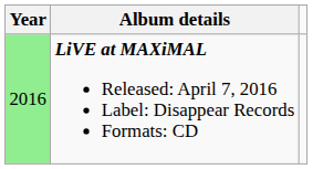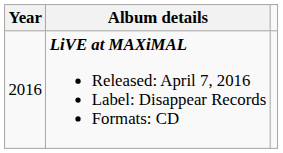 <table class="wikitable">
 <tr>
 <th rowspan="2">Year</th>
 <th rowspan="2">Album details</th>
 </tr>
 <tr>
 <td></td>
 </tr>
 <tr>
-<td style="background: lightgreen;">2016</td>
+<td>2016</td>
 <td align="left"><strong><em>LiVE at MAXiMAL</em></strong><br><ul><li>Released: April 7, 2016</li><li>Label: Disappear Records</li><li>Formats: CD</li></ul></td>
 </tr>
 </table>
